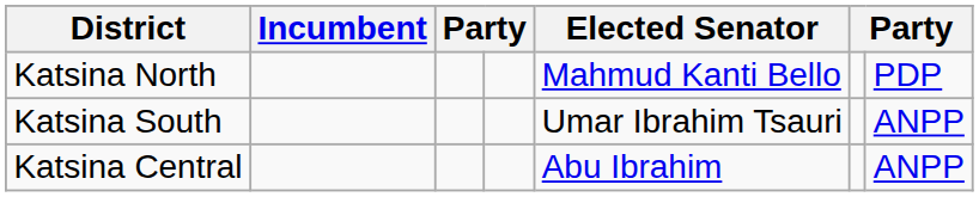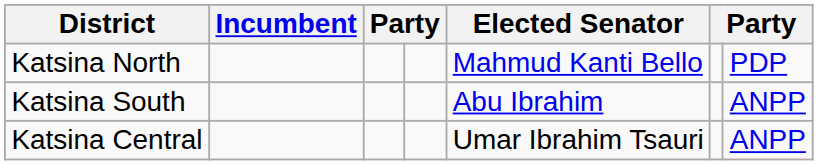 <table class="sortable wikitable" style="font-size:95%;line-height:14px;">
 <tr>
 <th class="unsortable">District</th>
 <th class="unsortable"><a href='#'>Incumbent</a></th>
 <th colspan="2">Party</th>
 <th class="unsortable">Elected Senator</th>
 <th colspan="2">Party</th>
 </tr>
 <tr>
 <td>Katsina North</td>
 <td></td>
 <td></td>
 <td></td>
 <td><a href='#'>Mahmud Kanti Bello</a></td>
 <td style="background:"></td>
 <td><a href='#'>PDP</a></td>
 </tr>
 <tr>
 <td>Katsina South</td>
 <td></td>
 <td></td>
 <td></td>
-<td>Umar Ibrahim Tsauri</td>
+<td><a href='#'>Abu Ibrahim</a></td>
 <td style="background:"></td>
 <td><a href='#'>ANPP</a></td>
 </tr>
 <tr>
 <td>Katsina Central</td>
 <td></td>
 <td></td>
 <td></td>
-<td><a href='#'>Abu Ibrahim</a></td>
+<td>Umar Ibrahim Tsauri</td>
 <td style="background:"></td>
 <td><a href='#'>ANPP</a></td>
 </tr>
 </table>
